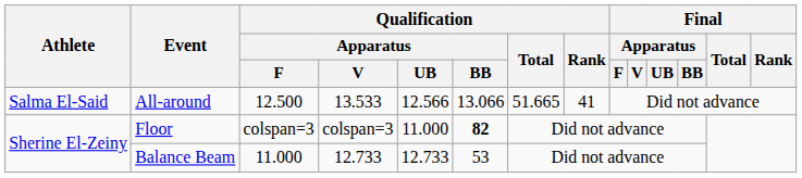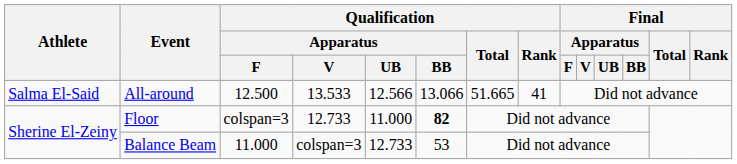 <table class="wikitable" style="font-size:90%">
 <tr>
 <th scope="col" rowspan=3>Athlete</th>
 <th scope="col" rowspan=3>Event</th>
 <th scope="col" colspan =6>Qualification</th>
 <th scope="col" colspan =6>Final</th>
 </tr>
 <tr style="font-size:95%">
 <th scope="col" colspan=4>Apparatus</th>
 <th scope="col" rowspan=2>Total</th>
 <th scope="col" rowspan=2>Rank</th>
 <th scope="col" colspan=4>Apparatus</th>
 <th scope="col" rowspan=2>Total</th>
 <th scope="col" rowspan=2>Rank</th>
 </tr>
 <tr style="font-size:95%">
 <th scope="col">F</th>
 <th scope="col">V</th>
 <th scope="col">UB</th>
 <th scope="col">BB</th>
 <th scope="col">F</th>
 <th scope="col">V</th>
 <th scope="col">UB</th>
 <th scope="col">BB</th>
 </tr>
 <tr align=center>
 <td align=left><a href='#'>Salma El-Said</a></td>
 <td align=left><a href='#'>All-around</a></td>
 <td>12.500</td>
 <td>13.533</td>
 <td>12.566</td>
 <td>13.066</td>
 <td>51.665</td>
 <td>41</td>
 <td colspan=6>Did not advance</td>
 </tr>
 <tr align=center>
 <td align=left rowspan=2><a href='#'>Sherine El-Zeiny</a></td>
 <td align=left><a href='#'>Floor</a></td>
 <td>colspan=3 </td>
-<td>colspan=3 </td>
+<td>12.733</td>
 <td>11.000</td>
 <td><strong>82</strong></td>
 <td colspan=6>Did not advance</td>
 </tr>
 <tr align=center>
 <td align=left><a href='#'>Balance Beam</a></td>
 <td>11.000</td>
-<td>12.733</td>
+<td>colspan=3 </td>
 <td>12.733</td>
 <td>53</td>
 <td colspan=6>Did not advance</td>
 </tr>
 </table>
